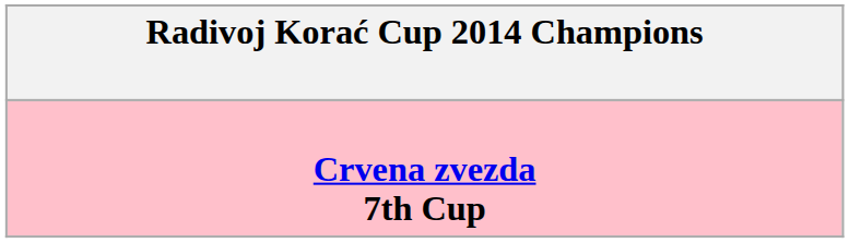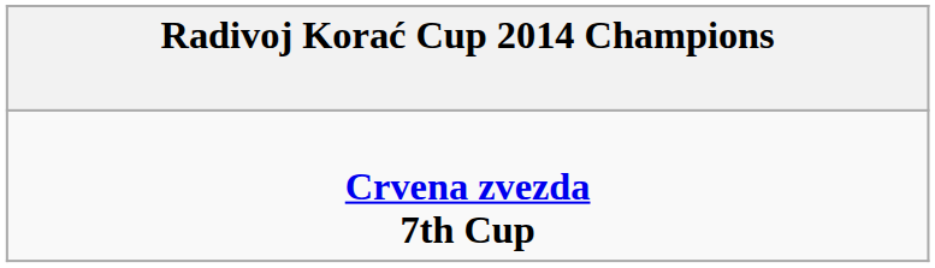 <table class="wikitable" style="margin: 0 auto; width: 30%;">
 <tr>
 <th>Radivoj Korać Cup 2014 Champions<br><br></th>
 </tr>
 <tr>
-<td align=center style="background: pink;"><br><strong><a href='#'>Crvena zvezda</a></strong><br><strong>7th Cup</strong></td>
+<td align=center><br><strong><a href='#'>Crvena zvezda</a></strong><br><strong>7th Cup</strong></td>
 </tr>
 </table>
